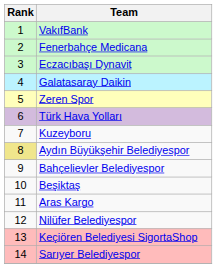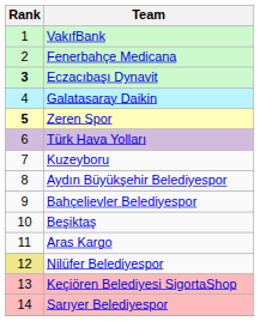 <table class="wikitable" style="text-align: center;">
 <tr>
 <th style="width: 40px;">Rank</th>
 <th style="width: 250px;">Team</th>
 </tr>
 <tr bgcolor=#CCF9CC>
 <td>1</td>
 <td style="text-align: left;"><a href='#'>VakıfBank</a></td>
 </tr>
 <tr bgcolor=#CCF9CC>
 <td>2</td>
 <td style="text-align: left;"><a href='#'>Fenerbahçe Medicana</a></td>
 </tr>
 <tr bgcolor=#CCF9CC>
-<td>3</td>
+<td><strong>3</strong></td>
 <td style="text-align: left;"><a href='#'>Eczacıbaşı Dynavit</a></td>
 </tr>
 <tr bgcolor=#BBF3FF>
 <td>4</td>
 <td style="text-align: left;"><a href='#'>Galatasaray Daikin</a></td>
 </tr>
 <tr bgcolor=#FFFFBB>
-<td>5</td>
+<td><strong>5</strong></td>
 <td style="text-align: left;"><a href='#'>Zeren Spor</a></td>
 </tr>
 <tr bgcolor=#D3BBDD>
 <td>6</td>
 <td style="text-align: left;"><a href='#'>Türk Hava Yolları</a></td>
 </tr>
 <tr>
 <td>7</td>
 <td style="text-align: left;"><a href='#'>Kuzeyboru</a></td>
 </tr>
 <tr>
-<td style="background: khaki;">8</td>
+<td>8</td>
 <td style="text-align: left;"><a href='#'>Aydın Büyükşehir Belediyespor</a></td>
 </tr>
 <tr>
 <td>9</td>
 <td style="text-align: left;"><a href='#'>Bahçelievler Belediyespor</a></td>
 </tr>
 <tr>
 <td>10</td>
 <td style="text-align: left;"><a href='#'>Beşiktaş</a></td>
 </tr>
 <tr>
 <td>11</td>
 <td style="text-align: left;"><a href='#'>Aras Kargo</a></td>
 </tr>
 <tr>
-<td>12</td>
+<td style="background: khaki;">12</td>
 <td style="text-align: left;"><a href='#'>Nilüfer Belediyespor</a></td>
 </tr>
 <tr bgcolor=#FFBBBB>
 <td>13</td>
 <td style="text-align: left;"><a href='#'>Keçiören Belediyesi SigortaShop</a></td>
 </tr>
 <tr bgcolor=#FFBBBB>
 <td>14</td>
 <td style="text-align: left;"><a href='#'>Sarıyer Belediyespor</a></td>
 </tr>
 <tr>
 </tr>
 </table>
